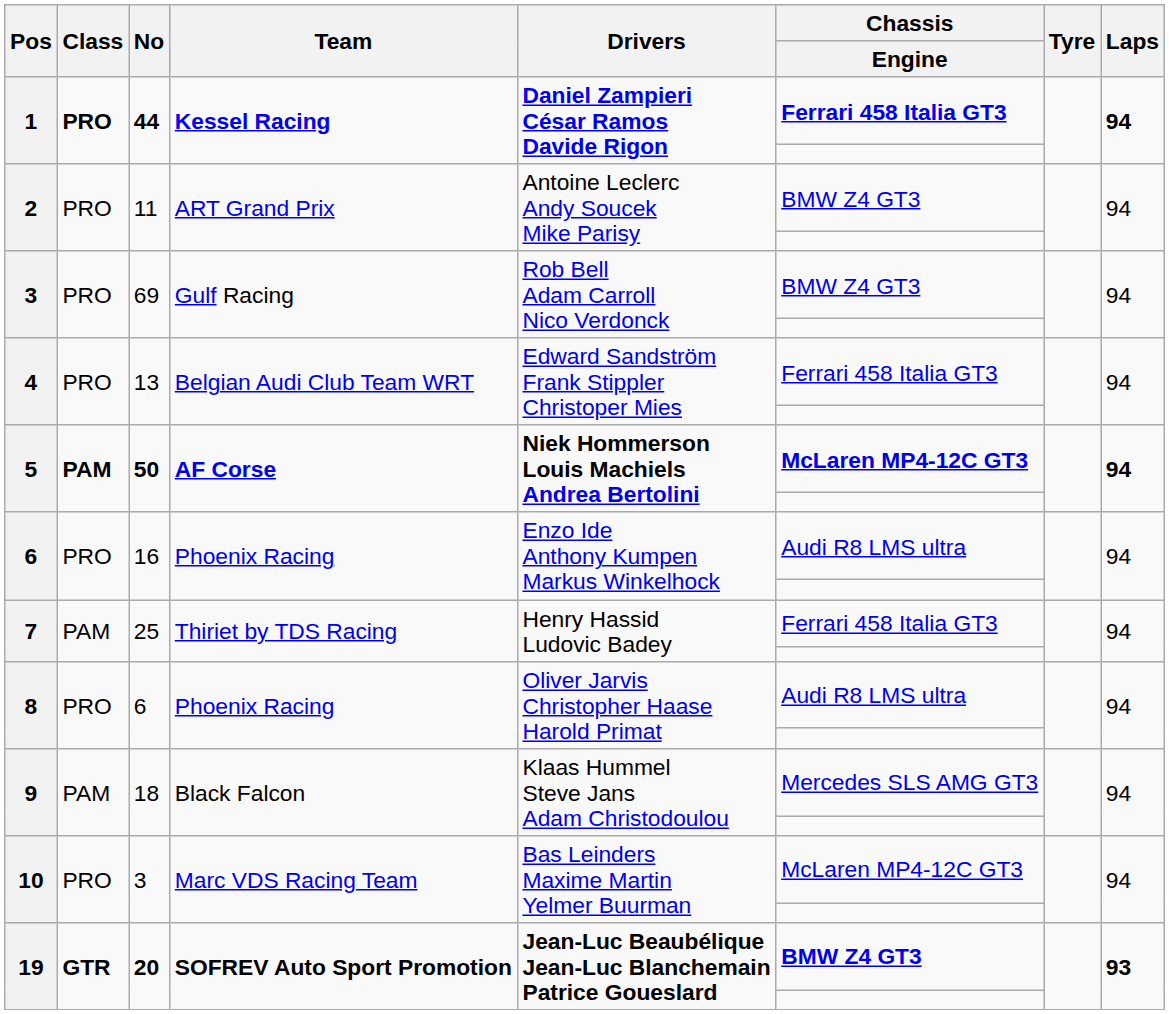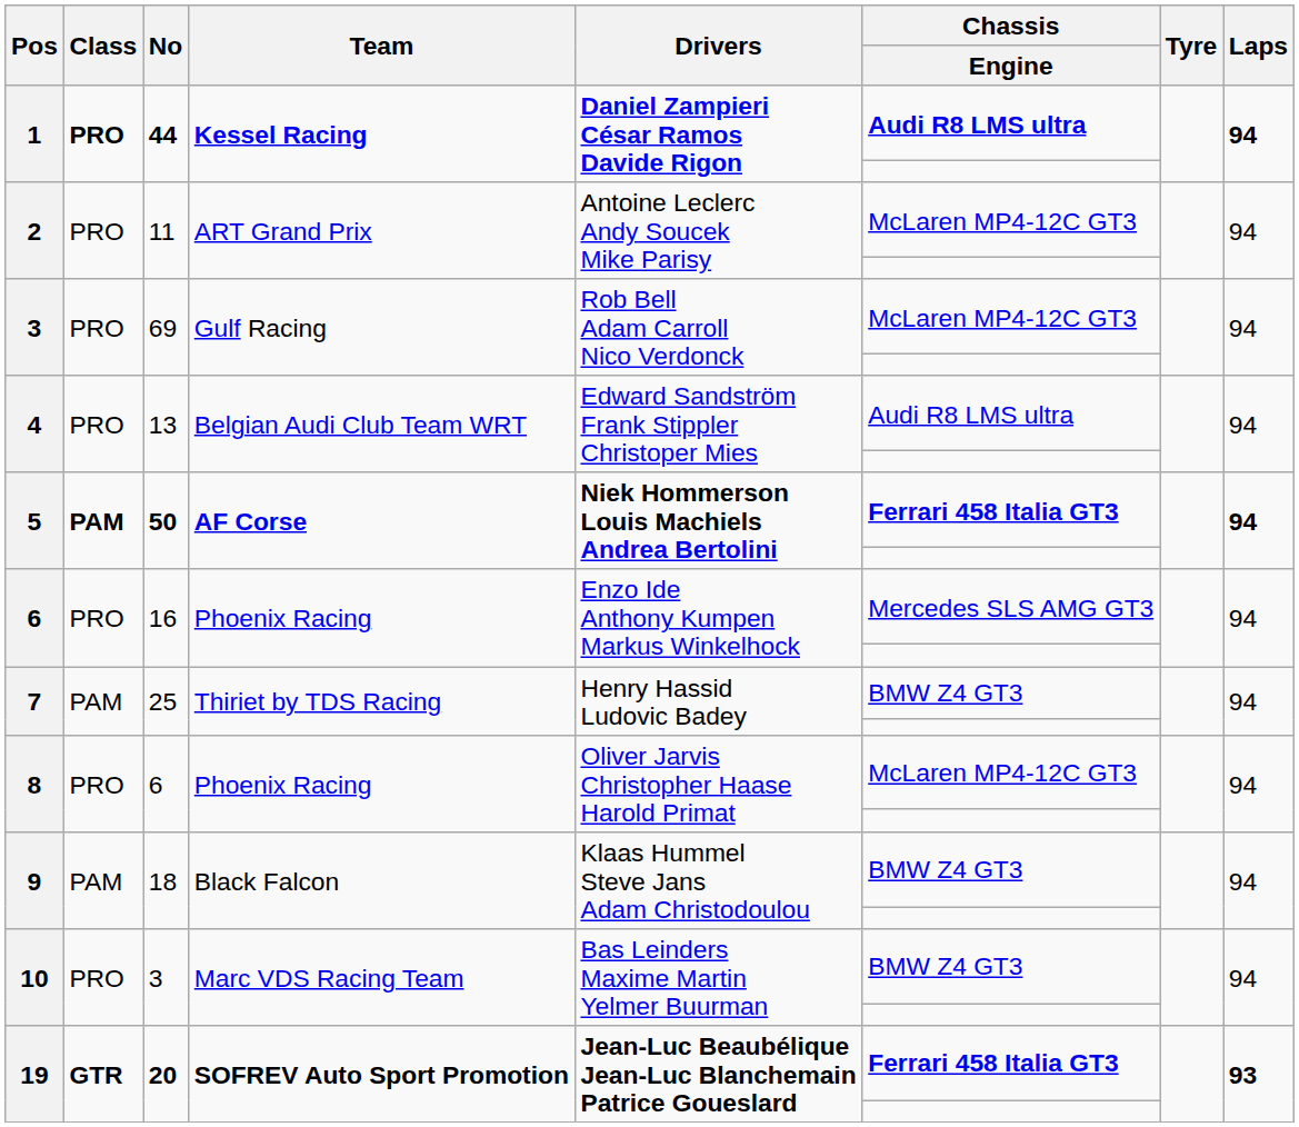 <table class="wikitable" style="font-size: 95%;">
 <tr>
 <th rowspan=2>Pos</th>
 <th rowspan=2>Class</th>
 <th rowspan=2>No</th>
 <th rowspan=2>Team</th>
 <th rowspan=2>Drivers</th>
 <th>Chassis</th>
 <th rowspan=2>Tyre</th>
 <th rowspan=2>Laps</th>
 </tr>
 <tr>
 <th>Engine</th>
 </tr>
 <tr style="font-weight:bold">
 <th rowspan=2>1</th>
 <td rowspan=2>PRO</td>
 <td rowspan=2>44</td>
 <td rowspan=2> <a href='#'>Kessel Racing</a></td>
 <td rowspan=2> <a href='#'>Daniel Zampieri</a><br> <a href='#'>César Ramos</a><br> <a href='#'>Davide Rigon</a></td>
-<td><a href='#'>Ferrari 458 Italia GT3</a></td>
+<td><a href='#'>Audi R8 LMS ultra</a></td>
 <td rowspan=2></td>
 <td rowspan=2>94</td>
 </tr>
 <tr style="font-weight:bold">
 <td></td>
 </tr>
 <tr>
 <th rowspan=2>2</th>
 <td rowspan=2>PRO</td>
 <td rowspan=2>11</td>
 <td rowspan=2> <a href='#'>ART Grand Prix</a></td>
 <td rowspan=2> Antoine Leclerc<br> <a href='#'>Andy Soucek</a><br> <a href='#'>Mike Parisy</a></td>
-<td><a href='#'>BMW Z4 GT3</a></td>
+<td><a href='#'>McLaren MP4-12C GT3</a></td>
 <td rowspan=2></td>
 <td rowspan=2>94</td>
 </tr>
 <tr>
 <td></td>
 </tr>
 <tr>
 <th rowspan=2>3</th>
 <td rowspan=2>PRO</td>
 <td rowspan=2>69</td>
 <td rowspan=2> <a href='#'>Gulf</a> Racing</td>
 <td rowspan=2> <a href='#'>Rob Bell</a><br> <a href='#'>Adam Carroll</a><br> <a href='#'>Nico Verdonck</a></td>
-<td><a href='#'>BMW Z4 GT3</a></td>
+<td><a href='#'>McLaren MP4-12C GT3</a></td>
 <td rowspan=2></td>
 <td rowspan=2>94</td>
 </tr>
 <tr>
 <td></td>
 </tr>
 <tr>
 <th rowspan=2>4</th>
 <td rowspan=2>PRO</td>
 <td rowspan=2>13</td>
 <td rowspan=2> <a href='#'>Belgian Audi Club Team WRT</a></td>
 <td rowspan=2> <a href='#'>Edward Sandström</a><br> <a href='#'>Frank Stippler</a><br> <a href='#'>Christoper Mies</a></td>
-<td><a href='#'>Ferrari 458 Italia GT3</a></td>
+<td><a href='#'>Audi R8 LMS ultra</a></td>
 <td rowspan=2></td>
 <td rowspan=2>94</td>
 </tr>
 <tr>
 <td></td>
 </tr>
 <tr style="font-weight:bold">
 <th rowspan=2>5</th>
 <td rowspan=2>PAM</td>
 <td rowspan=2>50</td>
 <td rowspan=2> <a href='#'>AF Corse</a></td>
 <td rowspan=2> Niek Hommerson<br> Louis Machiels<br> <a href='#'>Andrea Bertolini</a></td>
-<td><a href='#'>McLaren MP4-12C GT3</a></td>
+<td><a href='#'>Ferrari 458 Italia GT3</a></td>
 <td rowspan=2></td>
 <td rowspan=2>94</td>
 </tr>
 <tr style="font-weight:bold">
 <td></td>
 </tr>
 <tr>
 <th rowspan=2>6</th>
 <td rowspan=2>PRO</td>
 <td rowspan=2>16</td>
 <td rowspan=2> <a href='#'>Phoenix Racing</a></td>
 <td rowspan=2> <a href='#'>Enzo Ide</a><br> <a href='#'>Anthony Kumpen</a><br> <a href='#'>Markus Winkelhock</a></td>
-<td><a href='#'>Audi R8 LMS ultra</a></td>
+<td><a href='#'>Mercedes SLS AMG GT3</a></td>
 <td rowspan=2></td>
 <td rowspan=2>94</td>
 </tr>
 <tr>
 <td></td>
 </tr>
 <tr>
 <th rowspan=2>7</th>
 <td rowspan=2>PAM</td>
 <td rowspan=2>25</td>
 <td rowspan=2> <a href='#'>Thiriet by TDS Racing</a></td>
 <td rowspan=2> Henry Hassid<br> Ludovic Badey</td>
-<td><a href='#'>Ferrari 458 Italia GT3</a></td>
+<td><a href='#'>BMW Z4 GT3</a></td>
 <td rowspan=2></td>
 <td rowspan=2>94</td>
 </tr>
 <tr>
 <td></td>
 </tr>
 <tr>
 <th rowspan=2>8</th>
 <td rowspan=2>PRO</td>
 <td rowspan=2>6</td>
 <td rowspan=2> <a href='#'>Phoenix Racing</a></td>
 <td rowspan=2> <a href='#'>Oliver Jarvis</a><br> <a href='#'>Christopher Haase</a><br> <a href='#'>Harold Primat</a></td>
-<td><a href='#'>Audi R8 LMS ultra</a></td>
+<td><a href='#'>McLaren MP4-12C GT3</a></td>
 <td rowspan=2></td>
 <td rowspan=2>94</td>
 </tr>
 <tr>
 <td></td>
 </tr>
 <tr>
 <th rowspan=2>9</th>
 <td rowspan=2>PAM</td>
 <td rowspan=2>18</td>
 <td rowspan=2> Black Falcon</td>
 <td rowspan=2> Klaas Hummel<br> Steve Jans<br> <a href='#'>Adam Christodoulou</a></td>
-<td><a href='#'>Mercedes SLS AMG GT3</a></td>
+<td><a href='#'>BMW Z4 GT3</a></td>
 <td rowspan=2></td>
 <td rowspan=2>94</td>
 </tr>
 <tr>
 <td></td>
 </tr>
 <tr>
 <th rowspan=2>10</th>
 <td rowspan=2>PRO</td>
 <td rowspan=2>3</td>
 <td rowspan=2> <a href='#'>Marc VDS Racing Team</a></td>
 <td rowspan=2> <a href='#'>Bas Leinders</a><br> <a href='#'>Maxime Martin</a><br> <a href='#'>Yelmer Buurman</a></td>
-<td><a href='#'>McLaren MP4-12C GT3</a></td>
+<td><a href='#'>BMW Z4 GT3</a></td>
 <td rowspan=2></td>
 <td rowspan=2>94</td>
 </tr>
 <tr>
 <td></td>
 </tr>
 <tr style="font-weight:bold">
 <th rowspan=2>19</th>
 <td rowspan=2>GTR</td>
 <td rowspan=2>20</td>
 <td rowspan=2> SOFREV Auto Sport Promotion</td>
 <td rowspan=2> Jean-Luc Beaubélique<br> Jean-Luc Blanchemain<br> Patrice Goueslard</td>
-<td><a href='#'>BMW Z4 GT3</a></td>
+<td><a href='#'>Ferrari 458 Italia GT3</a></td>
 <td rowspan=2></td>
 <td rowspan=2>93</td>
 </tr>
 <tr style="font-weight:bold">
 <td></td>
 </tr>
 </table>
